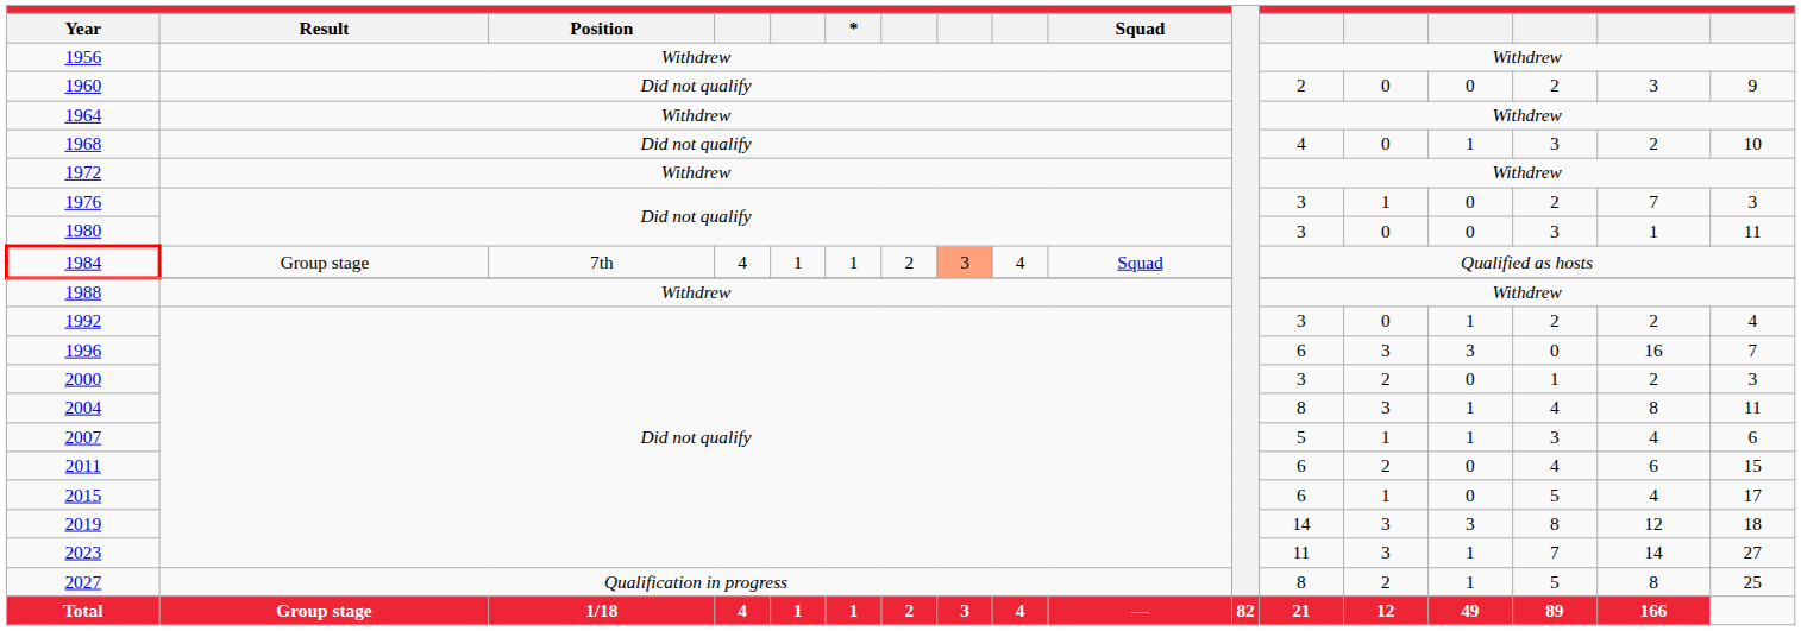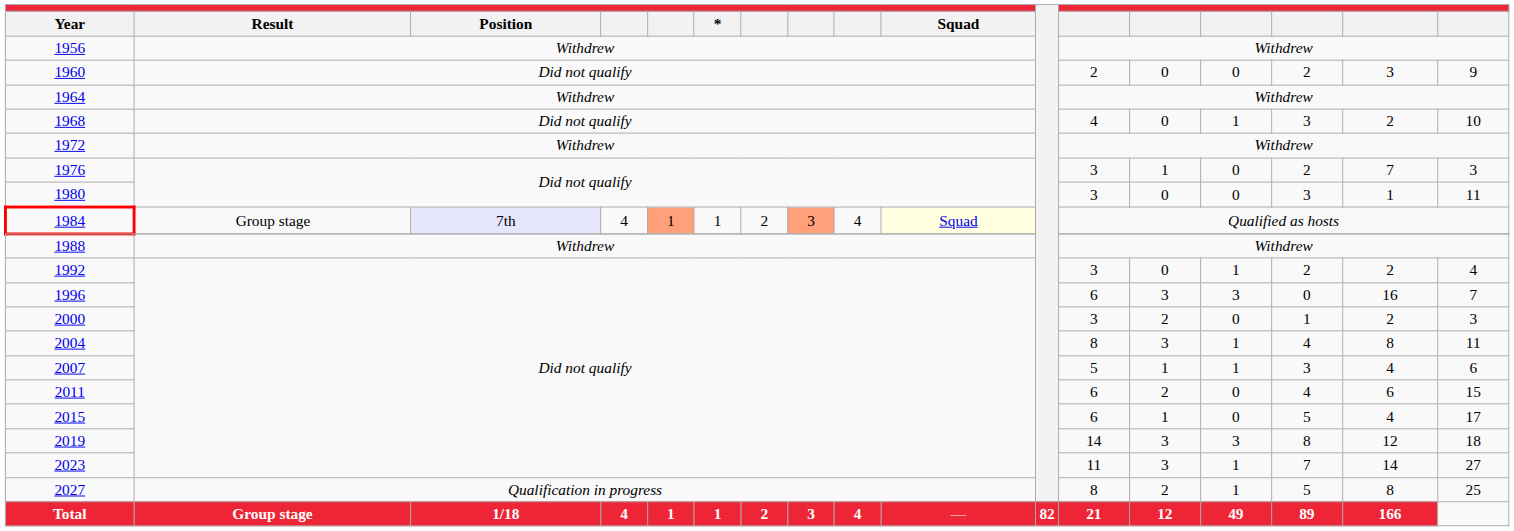 <table class="wikitable" style="text-align: center;">
 <tr>
 <th colspan=10 style="background: #EE2536; color: #FFFFFF;"><a href='#'></a></th>
 <th rowspan=22 style="width:1%;"></th>
 <th colspan=7 style="background: #EE2536; color: #FFFFFF;"><a href='#'></a></th>
 </tr>
 <tr>
 <th>Year</th>
 <th>Result</th>
 <th>Position</th>
 <th></th>
 <th></th>
 <th>*</th>
 <th></th>
 <th></th>
 <th></th>
 <th>Squad</th>
 <th></th>
 <th></th>
 <th></th>
 <th></th>
 <th></th>
 <th></th>
 </tr>
 <tr>
 <td> <a href='#'>1956</a></td>
 <td colspan=9><em>Withdrew</em></td>
 <td colspan=7><em>Withdrew</em></td>
 </tr>
 <tr>
 <td> <a href='#'>1960</a></td>
 <td colspan=9><em>Did not qualify</em></td>
 <td>2</td>
 <td>0</td>
 <td>0</td>
 <td>2</td>
 <td>3</td>
 <td>9</td>
 </tr>
 <tr>
 <td> <a href='#'>1964</a></td>
 <td colspan=9><em>Withdrew</em></td>
 <td colspan=7><em>Withdrew</em></td>
 </tr>
 <tr>
 <td> <a href='#'>1968</a></td>
 <td colspan=9><em>Did not qualify</em></td>
 <td>4</td>
 <td>0</td>
 <td>1</td>
 <td>3</td>
 <td>2</td>
 <td>10</td>
 </tr>
 <tr>
 <td> <a href='#'>1972</a></td>
 <td colspan=9><em>Withdrew</em></td>
 <td colspan=7><em>Withdrew</em></td>
 </tr>
 <tr>
 <td> <a href='#'>1976</a></td>
 <td colspan=9 rowspan=2><em>Did not qualify</em></td>
 <td>3</td>
 <td>1</td>
 <td>0</td>
 <td>2</td>
 <td>7</td>
 <td>3</td>
 </tr>
 <tr>
 <td> <a href='#'>1980</a></td>
 <td>3</td>
 <td>0</td>
 <td>0</td>
 <td>3</td>
 <td>1</td>
 <td>11</td>
 </tr>
 <tr>
 <td style="border: 3px solid red"> <a href='#'>1984</a></td>
 <td>Group stage</td>
-<td>7th</td>
+<td style="background: lavender;">7th</td>
 <td>4</td>
-<td>1</td>
+<td style="background: lightsalmon;">1</td>
 <td>1</td>
 <td>2</td>
 <td style="background: lightsalmon;">3</td>
 <td>4</td>
-<td><a href='#'>Squad</a></td>
+<td style="background: lightyellow;"><a href='#'>Squad</a></td>
 <td colspan=7><em>Qualified as hosts</em></td>
 </tr>
 <tr style="background:gold;">
 </tr>
 <tr>
 <td> <a href='#'>1988</a></td>
 <td colspan=9><em>Withdrew</em></td>
 <td colspan=7><em>Withdrew</em></td>
 </tr>
 <tr>
 <td> <a href='#'>1992</a></td>
 <td colspan=9 rowspan=9><em>Did not qualify</em></td>
 <td>3</td>
 <td>0</td>
 <td>1</td>
 <td>2</td>
 <td>2</td>
 <td>4</td>
 </tr>
 <tr>
 <td> <a href='#'>1996</a></td>
 <td>6</td>
 <td>3</td>
 <td>3</td>
 <td>0</td>
 <td>16</td>
 <td>7</td>
 </tr>
 <tr>
 <td> <a href='#'>2000</a></td>
 <td>3</td>
 <td>2</td>
 <td>0</td>
 <td>1</td>
 <td>2</td>
 <td>3</td>
 </tr>
 <tr>
 <td> <a href='#'>2004</a></td>
 <td>8</td>
 <td>3</td>
 <td>1</td>
 <td>4</td>
 <td>8</td>
 <td>11</td>
 </tr>
 <tr>
 <td>    <a href='#'>2007</a></td>
 <td>5</td>
 <td>1</td>
 <td>1</td>
 <td>3</td>
 <td>4</td>
 <td>6</td>
 </tr>
 <tr>
 <td> <a href='#'>2011</a></td>
 <td>6</td>
 <td>2</td>
 <td>0</td>
 <td>4</td>
 <td>6</td>
 <td>15</td>
 </tr>
 <tr>
 <td> <a href='#'>2015</a></td>
 <td>6</td>
 <td>1</td>
 <td>0</td>
 <td>5</td>
 <td>4</td>
 <td>17</td>
 </tr>
 <tr>
 <td> <a href='#'>2019</a></td>
 <td>14</td>
 <td>3</td>
 <td>3</td>
 <td>8</td>
 <td>12</td>
 <td>18</td>
 </tr>
 <tr>
 <td> <a href='#'>2023</a></td>
 <td>11</td>
 <td>3</td>
 <td>1</td>
 <td>7</td>
 <td>14</td>
 <td>27</td>
 </tr>
 <tr>
 <td> <a href='#'>2027</a></td>
 <td colspan=9><em>Qualification in progress</em></td>
 <td>8</td>
 <td>2</td>
 <td>1</td>
 <td>5</td>
 <td>8</td>
 <td>25</td>
 </tr>
 <tr>
 <td style="background: #EE2536; color: #FFFFFF;"><strong>Total</strong></td>
 <td style="background: #EE2536; color: #FFFFFF;"><strong>Group stage</strong></td>
 <td style="background: #EE2536; color: #FFFFFF;"><strong>1/18</strong></td>
 <td style="background: #EE2536; color: #FFFFFF;"><strong>4</strong></td>
 <td style="background: #EE2536; color: #FFFFFF;"><strong>1</strong></td>
 <td style="background: #EE2536; color: #FFFFFF;"><strong>1</strong></td>
 <td style="background: #EE2536; color: #FFFFFF;"><strong>2</strong></td>
 <td style="background: #EE2536; color: #FFFFFF;"><strong>3</strong></td>
 <td style="background: #EE2536; color: #FFFFFF;"><strong>4</strong></td>
 <td style="background: #EE2536; color: #FFFFFF;">—</td>
 <td style="background: #EE2536; color: #FFFFFF;"><strong>82</strong></td>
 <td style="background: #EE2536; color: #FFFFFF;"><strong>21</strong></td>
 <td style="background: #EE2536; color: #FFFFFF;"><strong>12</strong></td>
 <td style="background: #EE2536; color: #FFFFFF;"><strong>49</strong></td>
 <td style="background: #EE2536; color: #FFFFFF;"><strong>89</strong></td>
 <td style="background: #EE2536; color: #FFFFFF;"><strong>166</strong></td>
 </tr>
 </table>
